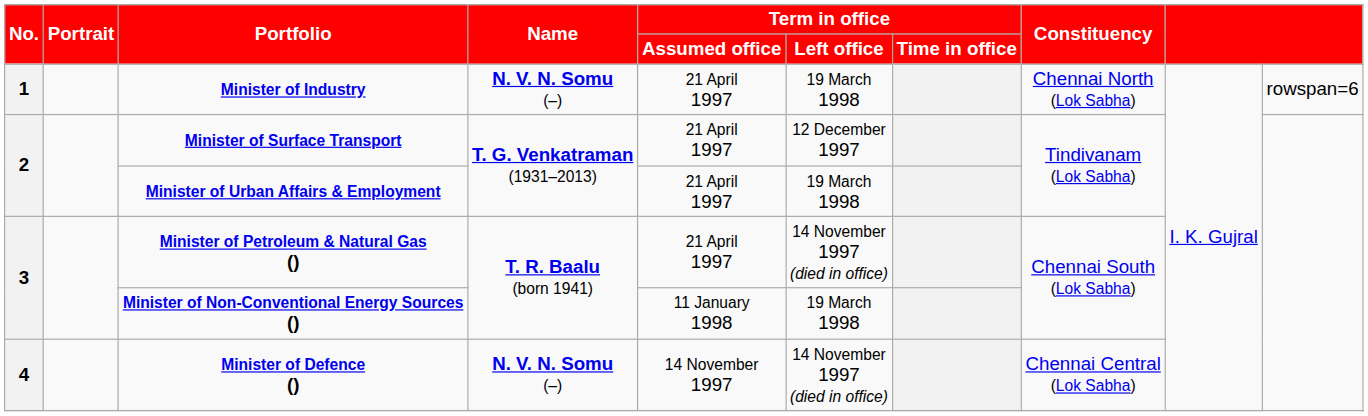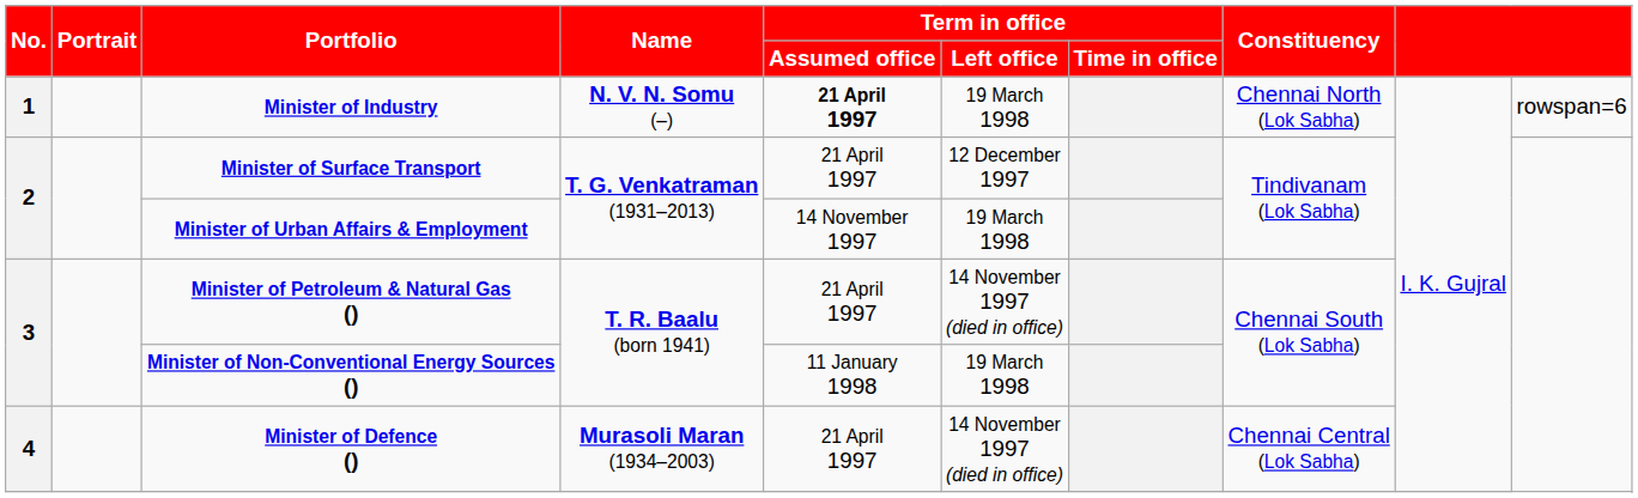 <table class="wikitable sortable" style="text-align:center;">
 <tr>
 <th rowspan=2 style="background-color:#ff0000;color:white">No.</th>
 <th rowspan=2 style="background-color:#ff0000;color:white">Portrait</th>
 <th rowspan=2 style="background-color:#ff0000;color:white">Portfolio</th>
 <th rowspan=2 style="background-color:#ff0000;color:white">Name<br></th>
 <th colspan=3 style="background-color:#ff0000;color:white">Term in office</th>
 <th rowspan=2 style="background-color:#ff0000;color:white">Constituency<br></th>
 <th rowspan=2 colspan=2 style="background-color:#ff0000;color:white"><a href='#'></a></th>
 </tr>
 <tr>
 <th style="background-color:#ff0000;color:white">Assumed office</th>
 <th style="background-color:#ff0000;color:white">Left office</th>
 <th style="background-color:#ff0000;color:white">Time in office</th>
 </tr>
 <tr>
 <th>1</th>
 <td></td>
 <td><strong><small><a href='#'>Minister of Industry</a></small></strong></td>
 <td><strong><a href='#'>N. V. N. Somu</a></strong><br><small>(–)</small></td>
-<td><small>21 April</small><br>1997</td>
+<td><strong><small>21 April</small><br>1997</strong></td>
 <td><small>19 March</small><br>1998</td>
 <th><strong></strong></th>
 <td><a href='#'>Chennai North</a><br><small>(<a href='#'>Lok Sabha</a>)</small></td>
 <td rowspan=6><a href='#'>I. K. Gujral</a></td>
 <td>rowspan=6 </td>
 </tr>
 <tr>
 <th rowspan="2">2</th>
 <td rowspan="2"></td>
 <td><strong><small><a href='#'>Minister of Surface Transport</a></small></strong></td>
 <td rowspan="2"><strong><a href='#'>T. G. Venkatraman</a></strong><br><small>(1931–2013)</small></td>
 <td><small>21 April</small><br>1997</td>
 <td><small>12 December</small><br>1997</td>
 <th><strong></strong></th>
 <td rowspan="2"><a href='#'>Tindivanam</a><br><small>(<a href='#'>Lok Sabha</a>)</small></td>
 </tr>
 <tr>
 <td><strong><small><a href='#'>Minister of Urban Affairs & Employment</a></small></strong></td>
-<td><small>21 April</small><br>1997</td>
+<td><small>14 November</small><br>1997</td>
 <td><small>19 March</small><br>1998</td>
 <th><strong></strong></th>
 </tr>
 <tr>
 <th rowspan="2">3</th>
 <td rowspan="2"></td>
 <td><strong><small><a href='#'>Minister of Petroleum & Natural Gas</a></small></strong><br><strong>()</strong></td>
 <td rowspan="2"><strong><a href='#'>T. R. Baalu</a></strong><br><small>(born 1941)</small></td>
 <td><small>21 April</small><br>1997</td>
 <td><small>14 November</small><br>1997<br><small><em>(died in office)</em></small></td>
 <th><strong></strong></th>
 <td rowspan="2"><a href='#'>Chennai South</a><br><small>(<a href='#'>Lok Sabha</a>)</small></td>
 </tr>
 <tr>
 <td><strong><small><a href='#'>Minister of Non-Conventional Energy Sources</a></small></strong><br><strong>()</strong></td>
 <td><small>11 January</small><br>1998</td>
 <td><small>19 March</small><br>1998</td>
 <th><strong></strong></th>
 </tr>
 <tr>
 <th>4</th>
 <td></td>
 <td><strong><small><a href='#'>Minister of Defence</a></small></strong><br><strong>()</strong></td>
-<td><strong><a href='#'>N. V. N. Somu</a></strong><br><small>(–)</small></td>
-<td><small>14 November</small><br>1997</td>
+<td><strong><a href='#'>Murasoli Maran</a></strong><br><small>(1934–2003)</small></td>
+<td><small>21 April</small><br>1997</td>
 <td><small>14 November</small><br>1997<br><small><em>(died in office)</em></small></td>
 <th><strong></strong></th>
 <td><a href='#'>Chennai Central</a><br><small>(<a href='#'>Lok Sabha</a>)</small></td>
 </tr>
 <tr>
 </tr>
 </table>
